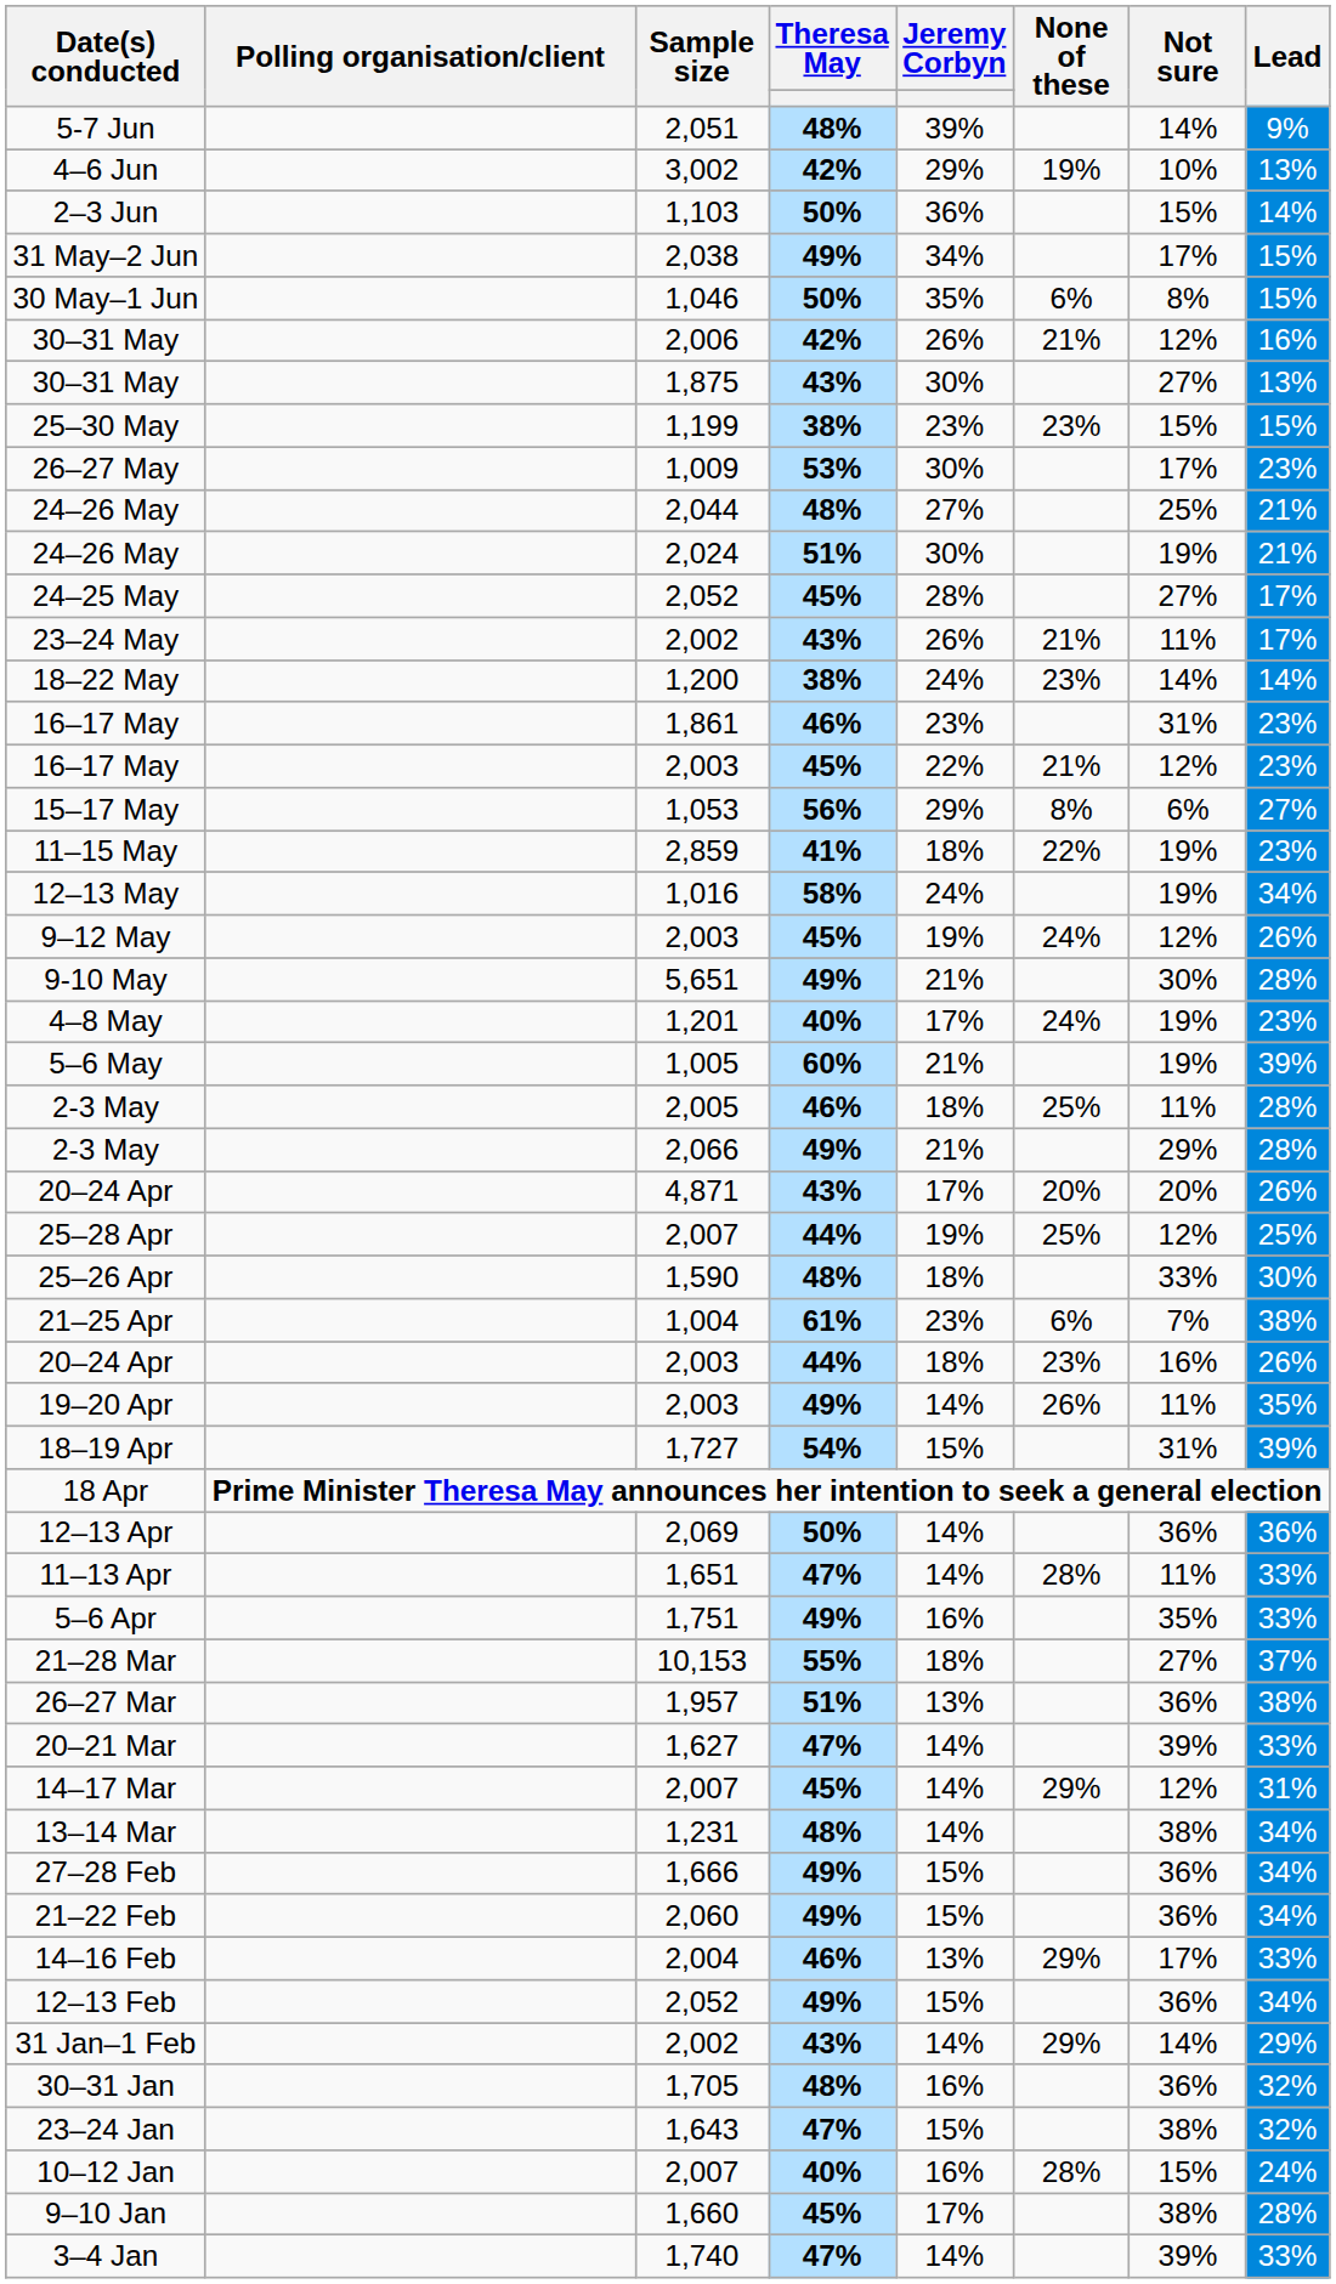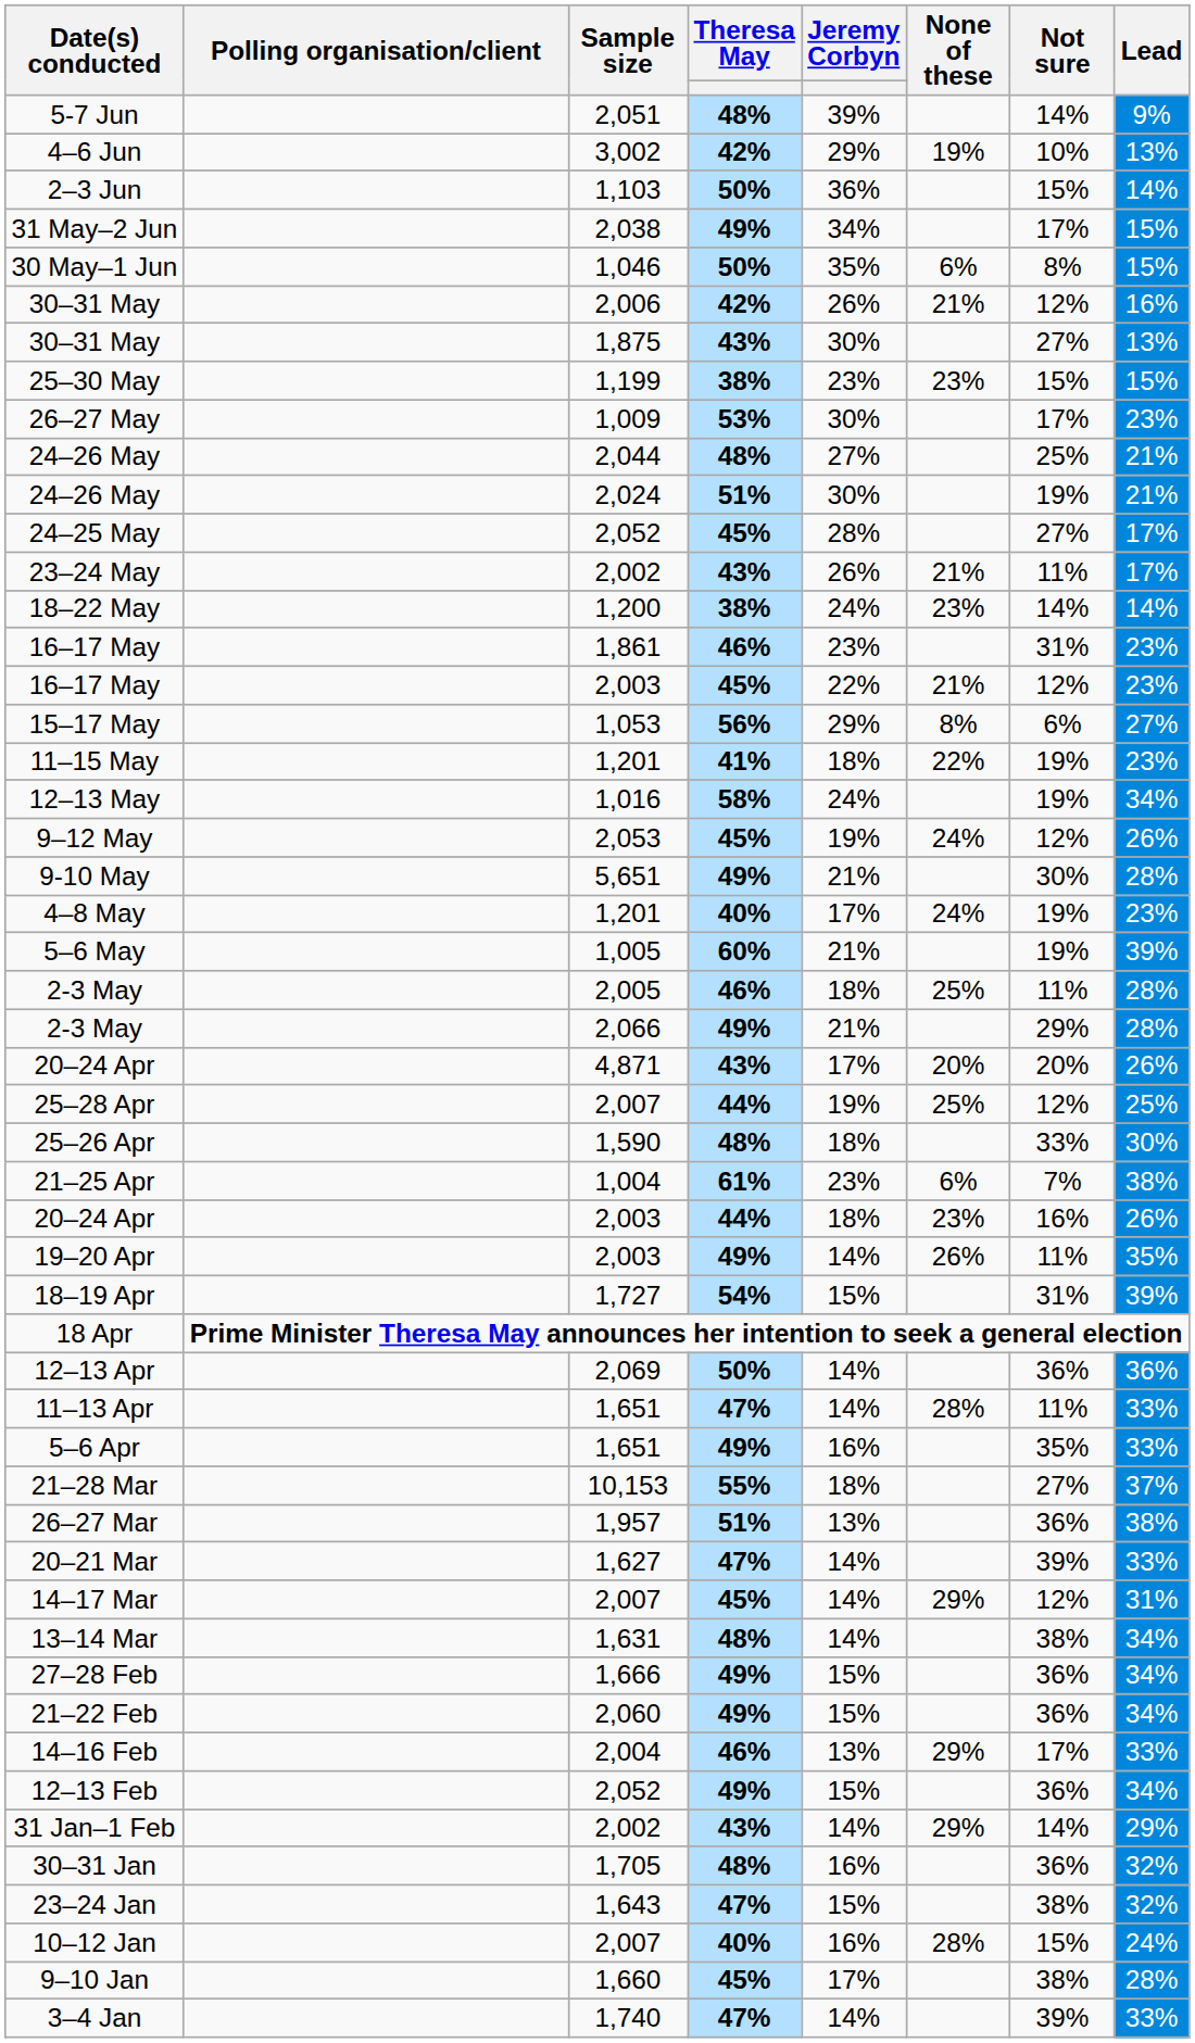 <table class="wikitable sortable mw-datatable" style="text-align:center;font-size:90%;line-height:14px;">
 <tr>
 <th rowspan="2">Date(s)<br>conducted</th>
 <th rowspan="2">Polling organisation/client</th>
 <th rowspan="2">Sample<br>size</th>
 <th style="width:50px;" class="unsortable"><a href='#'>Theresa May</a></th>
 <th style="width:50px;" class="unsortable"><a href='#'>Jeremy Corbyn</a></th>
 <th style="width:50px;" rowspan="2" class="unsortable">None of these</th>
 <th style="width:50px;" rowspan="2" class="unsortable">Not sure</th>
 <th class="unsortable" style="width:20px;" rowspan="2">Lead</th>
 </tr>
 <tr>
 <th class="unsortable" style="color:inherit;background:"></th>
 <th class="unsortable" style="color:inherit;background:"></th>
 </tr>
 <tr>
 <td>5-7 Jun</td>
 <td></td>
 <td>2,051</td>
 <td style="background:#B3E0FF"><strong>48%</strong></td>
 <td>39%</td>
 <td></td>
 <td>14%</td>
 <td style="background:#0087DC; color:white;">9%</td>
 </tr>
 <tr>
 <td>4–6 Jun</td>
 <td></td>
 <td>3,002</td>
 <td style="background:#B3E0FF"><strong>42%</strong></td>
 <td>29%</td>
 <td>19%</td>
 <td>10%</td>
 <td style="background:#0087DC; color:white;">13%</td>
 </tr>
 <tr>
 <td>2–3 Jun</td>
 <td></td>
 <td>1,103</td>
 <td style="background:#B3E0FF"><strong>50%</strong></td>
 <td>36%</td>
 <td></td>
 <td>15%</td>
 <td style="background:#0087DC; color:white;">14%</td>
 </tr>
 <tr>
 <td>31 May–2 Jun</td>
 <td></td>
 <td>2,038</td>
 <td style="background:#B3E0FF"><strong>49%</strong></td>
 <td>34%</td>
 <td></td>
 <td>17%</td>
 <td style="background:#0087DC; color:white;">15%</td>
 </tr>
 <tr>
 <td>30 May–1 Jun</td>
 <td></td>
 <td>1,046</td>
 <td style="background:#B3E0FF"><strong>50%</strong></td>
 <td>35%</td>
 <td>6%</td>
 <td>8%</td>
 <td style="background:#0087DC; color:white;">15%</td>
 </tr>
 <tr>
 <td>30–31 May</td>
 <td></td>
 <td>2,006</td>
 <td style="background:#B3E0FF"><strong>42%</strong></td>
 <td>26%</td>
 <td>21%</td>
 <td>12%</td>
 <td style="background:#0087DC; color:white;">16%</td>
 </tr>
 <tr>
 <td>30–31 May</td>
 <td></td>
 <td>1,875</td>
 <td style="background:#B3E0FF"><strong>43%</strong></td>
 <td>30%</td>
 <td></td>
 <td>27%</td>
 <td style="background:#0087DC; color:white;">13%</td>
 </tr>
 <tr>
 <td>25–30 May</td>
 <td> </td>
 <td>1,199</td>
 <td style="background:#B3E0FF"><strong>38%</strong></td>
 <td>23%</td>
 <td>23%</td>
 <td>15%</td>
 <td style="background:#0087DC; color:white;">15%</td>
 </tr>
 <tr>
 <td>26–27 May</td>
 <td></td>
 <td>1,009</td>
 <td style="background:#B3E0FF"><strong>53%</strong></td>
 <td>30%</td>
 <td></td>
 <td>17%</td>
 <td style="background:#0087DC; color:white;">23%</td>
 </tr>
 <tr>
 <td>24–26 May</td>
 <td></td>
 <td>2,044</td>
 <td style="background:#B3E0FF"><strong>48%</strong></td>
 <td>27%</td>
 <td></td>
 <td>25%</td>
 <td style="background:#0087DC; color:white;">21%</td>
 </tr>
 <tr>
 <td>24–26 May</td>
 <td></td>
 <td>2,024</td>
 <td style="background:#B3E0FF"><strong>51%</strong></td>
 <td>30%</td>
 <td></td>
 <td>19%</td>
 <td style="background:#0087DC; color:white;">21%</td>
 </tr>
 <tr>
 <td>24–25 May</td>
 <td></td>
 <td>2,052</td>
 <td style="background:#B3E0FF"><strong>45%</strong></td>
 <td>28%</td>
 <td></td>
 <td>27%</td>
 <td style="background:#0087DC; color:white;">17%</td>
 </tr>
 <tr>
 <td>23–24 May</td>
 <td></td>
 <td>2,002</td>
 <td style="background:#B3E0FF"><strong>43%</strong></td>
 <td>26%</td>
 <td>21%</td>
 <td>11%</td>
 <td style="background:#0087DC; color:white;">17%</td>
 </tr>
 <tr>
 <td>18–22 May</td>
 <td> </td>
 <td>1,200</td>
 <td style="background:#B3E0FF"><strong>38%</strong></td>
 <td>24%</td>
 <td>23%</td>
 <td>14%</td>
 <td style="background:#0087DC; color:white;">14%</td>
 </tr>
 <tr>
 <td>16–17 May</td>
 <td></td>
 <td>1,861</td>
 <td style="background:#B3E0FF"><strong>46%</strong></td>
 <td>23%</td>
 <td></td>
 <td>31%</td>
 <td style="background:#0087DC; color:white;">23%</td>
 </tr>
 <tr>
 <td>16–17 May</td>
 <td></td>
 <td>2,003</td>
 <td style="background:#B3E0FF"><strong>45%</strong></td>
 <td>22%</td>
 <td>21%</td>
 <td>12%</td>
 <td style="background:#0087DC; color:white;">23%</td>
 </tr>
 <tr>
 <td>15–17 May</td>
 <td></td>
 <td>1,053</td>
 <td style="background:#B3E0FF"><strong>56%</strong></td>
 <td>29%</td>
 <td>8%</td>
 <td>6%</td>
 <td style="background:#0087DC; color:white;">27%</td>
 </tr>
 <tr>
 <td>11–15 May</td>
 <td> </td>
-<td>2,859</td>
+<td>1,201</td>
 <td style="background:#B3E0FF"><strong>41%</strong></td>
 <td>18%</td>
 <td>22%</td>
 <td>19%</td>
 <td style="background:#0087DC; color:white;">23%</td>
 </tr>
 <tr>
 <td>12–13 May</td>
 <td></td>
 <td>1,016</td>
 <td style="background:#B3E0FF"><strong>58%</strong></td>
 <td>24%</td>
 <td></td>
 <td>19%</td>
 <td style="background:#0087DC; color:white;">34%</td>
 </tr>
 <tr>
 <td>9–12 May</td>
 <td></td>
-<td>2,003</td>
+<td>2,053</td>
 <td style="background:#B3E0FF"><strong>45%</strong></td>
 <td>19%</td>
 <td>24%</td>
 <td>12%</td>
 <td style="background:#0087DC; color:white;">26%</td>
 </tr>
 <tr>
 <td>9-10 May</td>
 <td></td>
 <td>5,651</td>
 <td style="background:#B3E0FF"><strong>49%</strong></td>
 <td>21%</td>
 <td></td>
 <td>30%</td>
 <td style="background:#0087DC; color:white;">28%</td>
 </tr>
 <tr>
 <td>4–8 May</td>
 <td> </td>
 <td>1,201</td>
 <td style="background:#B3E0FF"><strong>40%</strong></td>
 <td>17%</td>
 <td>24%</td>
 <td>19%</td>
 <td style="background:#0087DC; color:white;">23%</td>
 </tr>
 <tr>
 <td>5–6 May</td>
 <td></td>
 <td>1,005</td>
 <td style="background:#B3E0FF"><strong>60%</strong></td>
 <td>21%</td>
 <td></td>
 <td>19%</td>
 <td style="background:#0087DC; color:white;">39%</td>
 </tr>
 <tr>
 <td>2-3 May</td>
 <td></td>
 <td>2,005</td>
 <td style="background:#B3E0FF"><strong>46%</strong></td>
 <td>18%</td>
 <td>25%</td>
 <td>11%</td>
 <td style="background:#0087DC; color:white;">28%</td>
 </tr>
 <tr>
 <td>2-3 May</td>
 <td></td>
 <td>2,066</td>
 <td style="background:#B3E0FF"><strong>49%</strong></td>
 <td>21%</td>
 <td></td>
 <td>29%</td>
 <td style="background:#0087DC; color:white;">28%</td>
 </tr>
 <tr>
 <td>20–24 Apr</td>
 <td> </td>
 <td>4,871</td>
 <td style="background:#B3E0FF"><strong>43%</strong></td>
 <td>17%</td>
 <td>20%</td>
 <td>20%</td>
 <td style="background:#0087DC; color:white;">26%</td>
 </tr>
 <tr>
 <td>25–28 Apr</td>
 <td></td>
 <td>2,007</td>
 <td style="background:#B3E0FF"><strong>44%</strong></td>
 <td>19%</td>
 <td>25%</td>
 <td>12%</td>
 <td style="background:#0087DC; color:white;">25%</td>
 </tr>
 <tr>
 <td>25–26 Apr</td>
 <td></td>
 <td>1,590</td>
 <td style="background:#B3E0FF"><strong>48%</strong></td>
 <td>18%</td>
 <td></td>
 <td>33%</td>
 <td style="background:#0087DC; color:white;">30%</td>
 </tr>
 <tr>
 <td>21–25 Apr</td>
 <td></td>
 <td>1,004</td>
 <td style="background:#B3E0FF"><strong>61%</strong></td>
 <td>23%</td>
 <td>6%</td>
 <td>7%</td>
 <td style="background:#0087DC; color:white;">38%</td>
 </tr>
 <tr>
 <td>20–24 Apr</td>
 <td> </td>
 <td>2,003</td>
 <td style="background:#B3E0FF"><strong>44%</strong></td>
 <td>18%</td>
 <td>23%</td>
 <td>16%</td>
 <td style="background:#0087DC; color:white;">26%</td>
 </tr>
 <tr>
 <td>19–20 Apr</td>
 <td></td>
 <td>2,003</td>
 <td style="background:#B3E0FF"><strong>49%</strong></td>
 <td>14%</td>
 <td>26%</td>
 <td>11%</td>
 <td style="background:#0087DC; color:white;">35%</td>
 </tr>
 <tr>
 <td>18–19 Apr</td>
 <td></td>
 <td>1,727</td>
 <td style="background:#B3E0FF"><strong>54%</strong></td>
 <td>15%</td>
 <td></td>
 <td>31%</td>
 <td style="background:#0087DC; color:white;">39%</td>
 </tr>
 <tr>
 <td>18 Apr</td>
 <td colspan="10"><strong>Prime Minister <a href='#'>Theresa May</a> announces her intention to seek a general election</strong></td>
 </tr>
 <tr>
 <td>12–13 Apr</td>
 <td></td>
 <td>2,069</td>
 <td style="background:#B3E0FF"><strong>50%</strong></td>
 <td>14%</td>
 <td></td>
 <td>36%</td>
 <td style="background:#0087DC; color:white;">36%</td>
 </tr>
 <tr>
 <td>11–13 Apr</td>
 <td></td>
 <td>1,651</td>
 <td style="background:#B3E0FF"><strong>47%</strong></td>
 <td>14%</td>
 <td>28%</td>
 <td>11%</td>
 <td style="background:#0087DC; color:white;">33%</td>
 </tr>
 <tr>
 <td>5–6 Apr</td>
 <td></td>
-<td>1,751</td>
+<td>1,651</td>
 <td style="background:#B3E0FF"><strong>49%</strong></td>
 <td>16%</td>
 <td></td>
 <td>35%</td>
 <td style="background:#0087DC; color:white;">33%</td>
 </tr>
 <tr>
 <td>21–28 Mar</td>
 <td></td>
 <td>10,153</td>
 <td style="background:#B3E0FF"><strong>55%</strong></td>
 <td>18%</td>
 <td></td>
 <td>27%</td>
 <td style="background:#0087DC; color:white;">37%</td>
 </tr>
 <tr>
 <td>26–27 Mar</td>
 <td></td>
 <td>1,957</td>
 <td style="background:#B3E0FF"><strong>51%</strong></td>
 <td>13%</td>
 <td></td>
 <td>36%</td>
 <td style="background:#0087DC; color:white;">38%</td>
 </tr>
 <tr>
 <td>20–21 Mar</td>
 <td></td>
 <td>1,627</td>
 <td style="background:#B3E0FF"><strong>47%</strong></td>
 <td>14%</td>
 <td></td>
 <td>39%</td>
 <td style="background:#0087DC; color:white;">33%</td>
 </tr>
 <tr>
 <td>14–17 Mar</td>
 <td></td>
 <td>2,007</td>
 <td style="background:#B3E0FF"><strong>45%</strong></td>
 <td>14%</td>
 <td>29%</td>
 <td>12%</td>
 <td style="background:#0087DC; color:white;">31%</td>
 </tr>
 <tr>
 <td>13–14 Mar</td>
 <td></td>
-<td>1,231</td>
+<td>1,631</td>
 <td style="background:#B3E0FF"><strong>48%</strong></td>
 <td>14%</td>
 <td></td>
 <td>38%</td>
 <td style="background:#0087DC; color:white;">34%</td>
 </tr>
 <tr>
 <td>27–28 Feb</td>
 <td></td>
 <td>1,666</td>
 <td style="background:#B3E0FF"><strong>49%</strong></td>
 <td>15%</td>
 <td></td>
 <td>36%</td>
 <td style="background:#0087DC; color:white;">34%</td>
 </tr>
 <tr>
 <td>21–22 Feb</td>
 <td></td>
 <td>2,060</td>
 <td style="background:#B3E0FF"><strong>49%</strong></td>
 <td>15%</td>
 <td></td>
 <td>36%</td>
 <td style="background:#0087DC; color:white;">34%</td>
 </tr>
 <tr>
 <td>14–16 Feb</td>
 <td></td>
 <td>2,004</td>
 <td style="background:#B3E0FF"><strong>46%</strong></td>
 <td>13%</td>
 <td>29%</td>
 <td>17%</td>
 <td style="background:#0087DC; color:white;">33%</td>
 </tr>
 <tr>
 <td>12–13 Feb</td>
 <td></td>
 <td>2,052</td>
 <td style="background:#B3E0FF"><strong>49%</strong></td>
 <td>15%</td>
 <td></td>
 <td>36%</td>
 <td style="background:#0087DC; color:white;">34%</td>
 </tr>
 <tr>
 <td>31 Jan–1 Feb</td>
 <td></td>
 <td>2,002</td>
 <td style="background:#B3E0FF"><strong>43%</strong></td>
 <td>14%</td>
 <td>29%</td>
 <td>14%</td>
 <td style="background:#0087DC; color:white;">29%</td>
 </tr>
 <tr>
 <td>30–31 Jan</td>
 <td></td>
 <td>1,705</td>
 <td style="background:#B3E0FF"><strong>48%</strong></td>
 <td>16%</td>
 <td></td>
 <td>36%</td>
 <td style="background:#0087DC; color:white;">32%</td>
 </tr>
 <tr>
 <td>23–24 Jan</td>
 <td></td>
 <td>1,643</td>
 <td style="background:#B3E0FF"><strong>47%</strong></td>
 <td>15%</td>
 <td></td>
 <td>38%</td>
 <td style="background:#0087DC; color:white;">32%</td>
 </tr>
 <tr>
 <td>10–12 Jan</td>
 <td></td>
 <td>2,007</td>
 <td style="background:#B3E0FF"><strong>40%</strong></td>
 <td>16%</td>
 <td>28%</td>
 <td>15%</td>
 <td style="background:#0087DC; color:white;">24%</td>
 </tr>
 <tr>
 <td>9–10 Jan</td>
 <td></td>
 <td>1,660</td>
 <td style="background:#B3E0FF"><strong>45%</strong></td>
 <td>17%</td>
 <td></td>
 <td>38%</td>
 <td style="background:#0087DC; color:white;">28%</td>
 </tr>
 <tr>
 <td>3–4 Jan</td>
 <td></td>
 <td>1,740</td>
 <td style="background:#B3E0FF"><strong>47%</strong></td>
 <td>14%</td>
 <td></td>
 <td>39%</td>
 <td style="background:#0087DC; color:white;">33%</td>
 </tr>
 </table>
